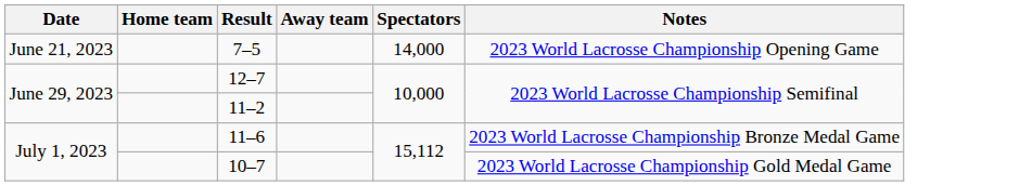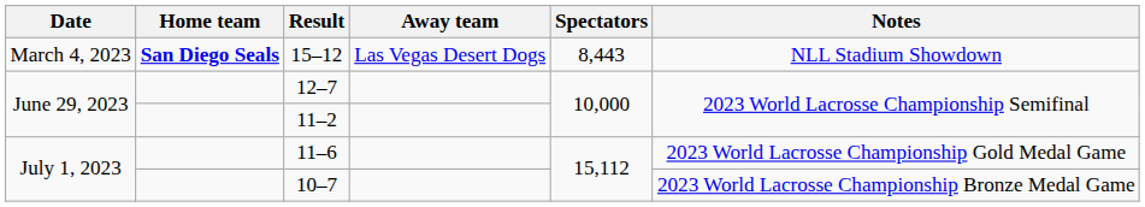 <table class="wikitable" style="text-align:center;">
 <tr>
 <th style="text-align:center;">Date</th>
 <th style="text-align:center;">Home team</th>
 <th style="text-align:center;">Result</th>
 <th style="text-align:center;">Away team</th>
 <th style="text-align:center;">Spectators</th>
 <th style="text-align:center;">Notes</th>
 </tr>
 <tr>
-<td>June 21, 2023</td>
-<td><strong></strong></td>
-<td>7–5</td>
-<td></td>
-<td>14,000</td>
-<td><a href='#'>2023 World Lacrosse Championship</a> Opening Game</td>
+<td>March 4, 2023</td>
+<td><strong><a href='#'>San Diego Seals</a></strong></td>
+<td>15–12</td>
+<td><a href='#'>Las Vegas Desert Dogs</a></td>
+<td>8,443</td>
+<td><a href='#'>NLL Stadium Showdown</a></td>
 </tr>
 <tr>
 <td rowspan="2">June 29, 2023</td>
 <td><strong></strong></td>
 <td>12–7</td>
 <td></td>
 <td rowspan="2">10,000</td>
 <td rowspan="2"><a href='#'>2023 World Lacrosse Championship</a> Semifinal</td>
 </tr>
 <tr>
 <td><strong></strong></td>
 <td>11–2</td>
 <td></td>
 </tr>
 <tr>
 <td rowspan="2">July 1, 2023</td>
 <td><strong></strong></td>
 <td>11–6</td>
 <td></td>
 <td rowspan="2">15,112</td>
-<td><a href='#'>2023 World Lacrosse Championship</a> Bronze Medal Game</td>
+<td><a href='#'>2023 World Lacrosse Championship</a> Gold Medal Game</td>
 </tr>
 <tr>
 <td><strong></strong></td>
 <td>10–7</td>
 <td></td>
-<td><a href='#'>2023 World Lacrosse Championship</a> Gold Medal Game</td>
+<td><a href='#'>2023 World Lacrosse Championship</a> Bronze Medal Game</td>
 </tr>
 </table>
